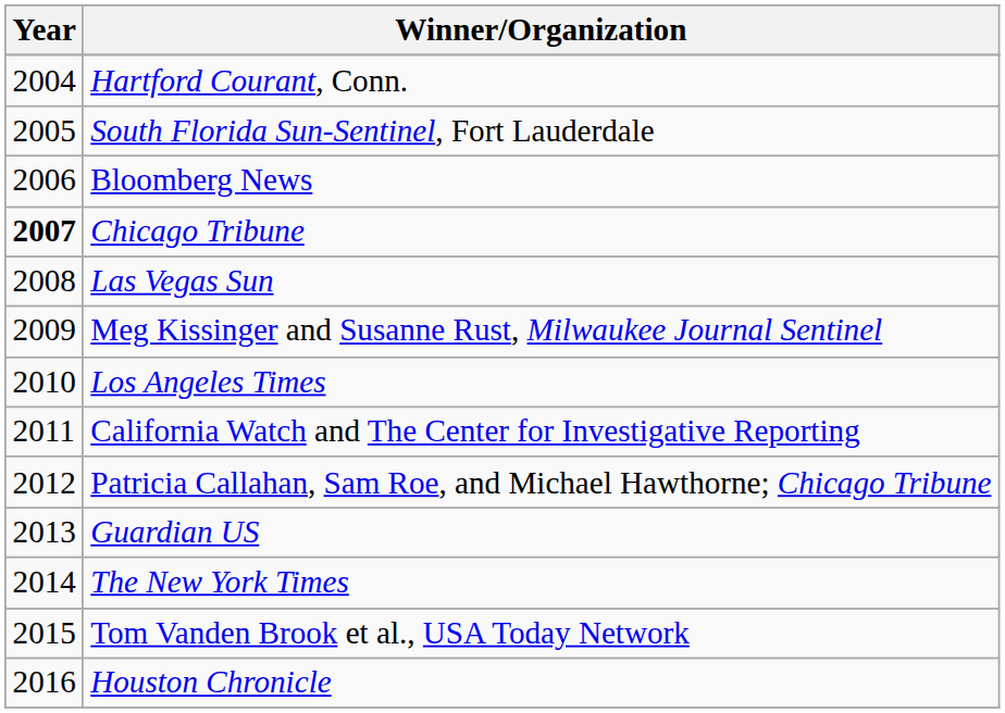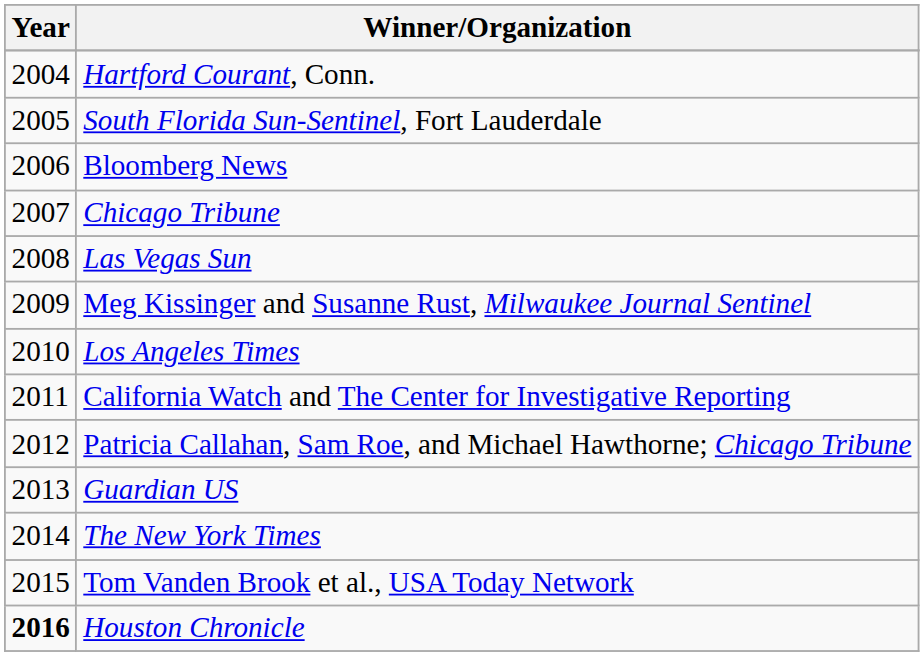 <table class=wikitable sortable>
 <tr>
 <th>Year</th>
 <th>Winner/Organization</th>
 </tr>
 <tr>
 </tr>
 <tr>
 <td>2004</td>
 <td><em><a href='#'>Hartford Courant</a></em>, Conn.</td>
 </tr>
 <tr>
 <td>2005</td>
 <td><em><a href='#'>South Florida Sun-Sentinel</a></em>, Fort Lauderdale</td>
 </tr>
 <tr>
 <td>2006</td>
 <td><a href='#'>Bloomberg News</a></td>
 </tr>
 <tr>
-<td><strong>2007</strong></td>
+<td>2007</td>
 <td><em><a href='#'>Chicago Tribune</a></em></td>
 </tr>
 <tr>
 <td>2008</td>
 <td><em><a href='#'>Las Vegas Sun</a></em></td>
 </tr>
 <tr>
 <td>2009</td>
 <td><a href='#'>Meg Kissinger</a> and <a href='#'>Susanne Rust</a>, <em><a href='#'>Milwaukee Journal Sentinel</a></em></td>
 </tr>
 <tr>
 <td>2010</td>
 <td><em><a href='#'>Los Angeles Times</a></em></td>
 </tr>
 <tr>
 <td>2011</td>
 <td><a href='#'>California Watch</a> and <a href='#'>The Center for Investigative Reporting</a></td>
 </tr>
 <tr>
 <td>2012</td>
 <td><a href='#'>Patricia Callahan</a>, <a href='#'>Sam Roe</a>, and Michael Hawthorne; <em><a href='#'>Chicago Tribune</a></em></td>
 </tr>
 <tr>
 <td>2013</td>
 <td><em><a href='#'>Guardian US</a></em></td>
 </tr>
 <tr>
 <td>2014</td>
 <td><em><a href='#'>The New York Times</a></em></td>
 </tr>
 <tr>
 <td>2015</td>
 <td><a href='#'>Tom Vanden Brook</a> et al., <a href='#'>USA Today Network</a></td>
 </tr>
 <tr>
-<td>2016</td>
+<td><strong>2016</strong></td>
 <td><em><a href='#'>Houston Chronicle</a></em></td>
 </tr>
 </table>
